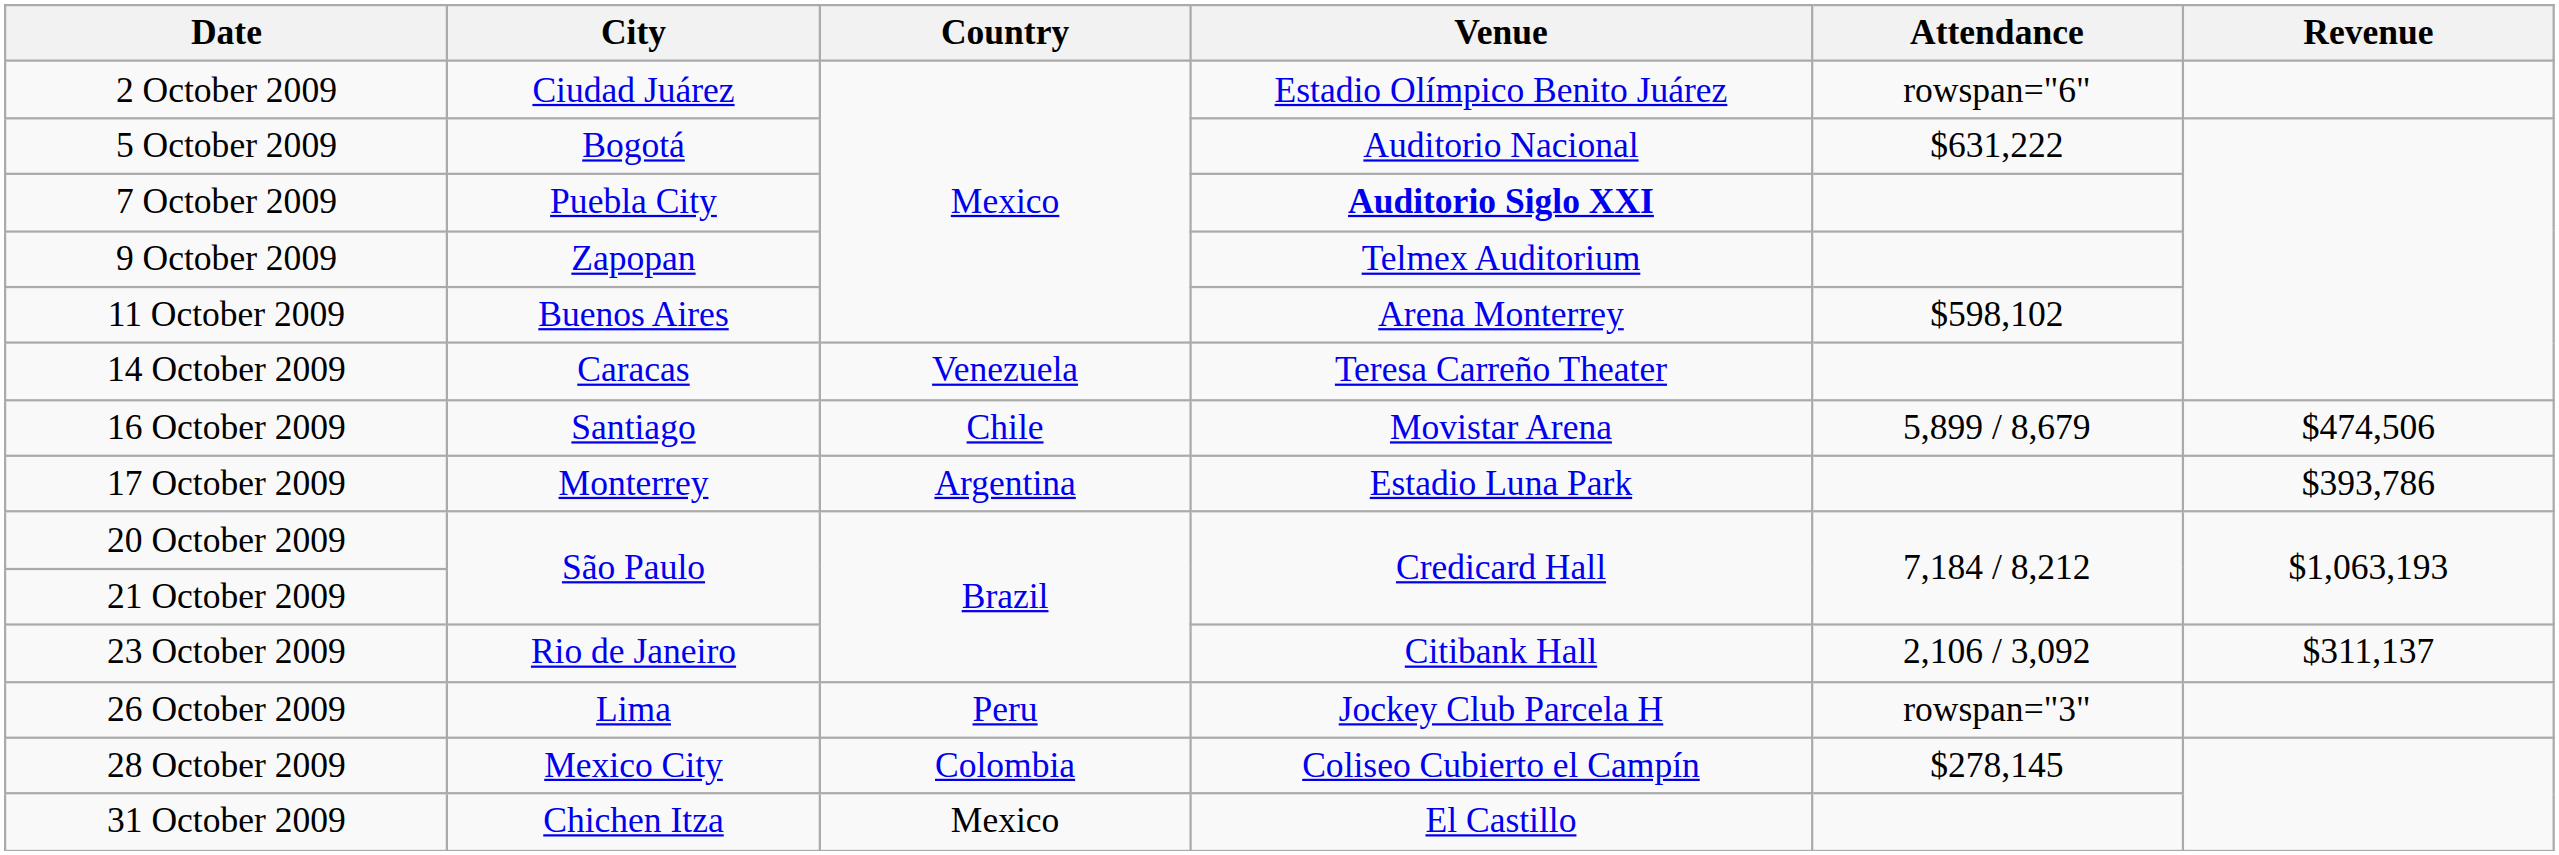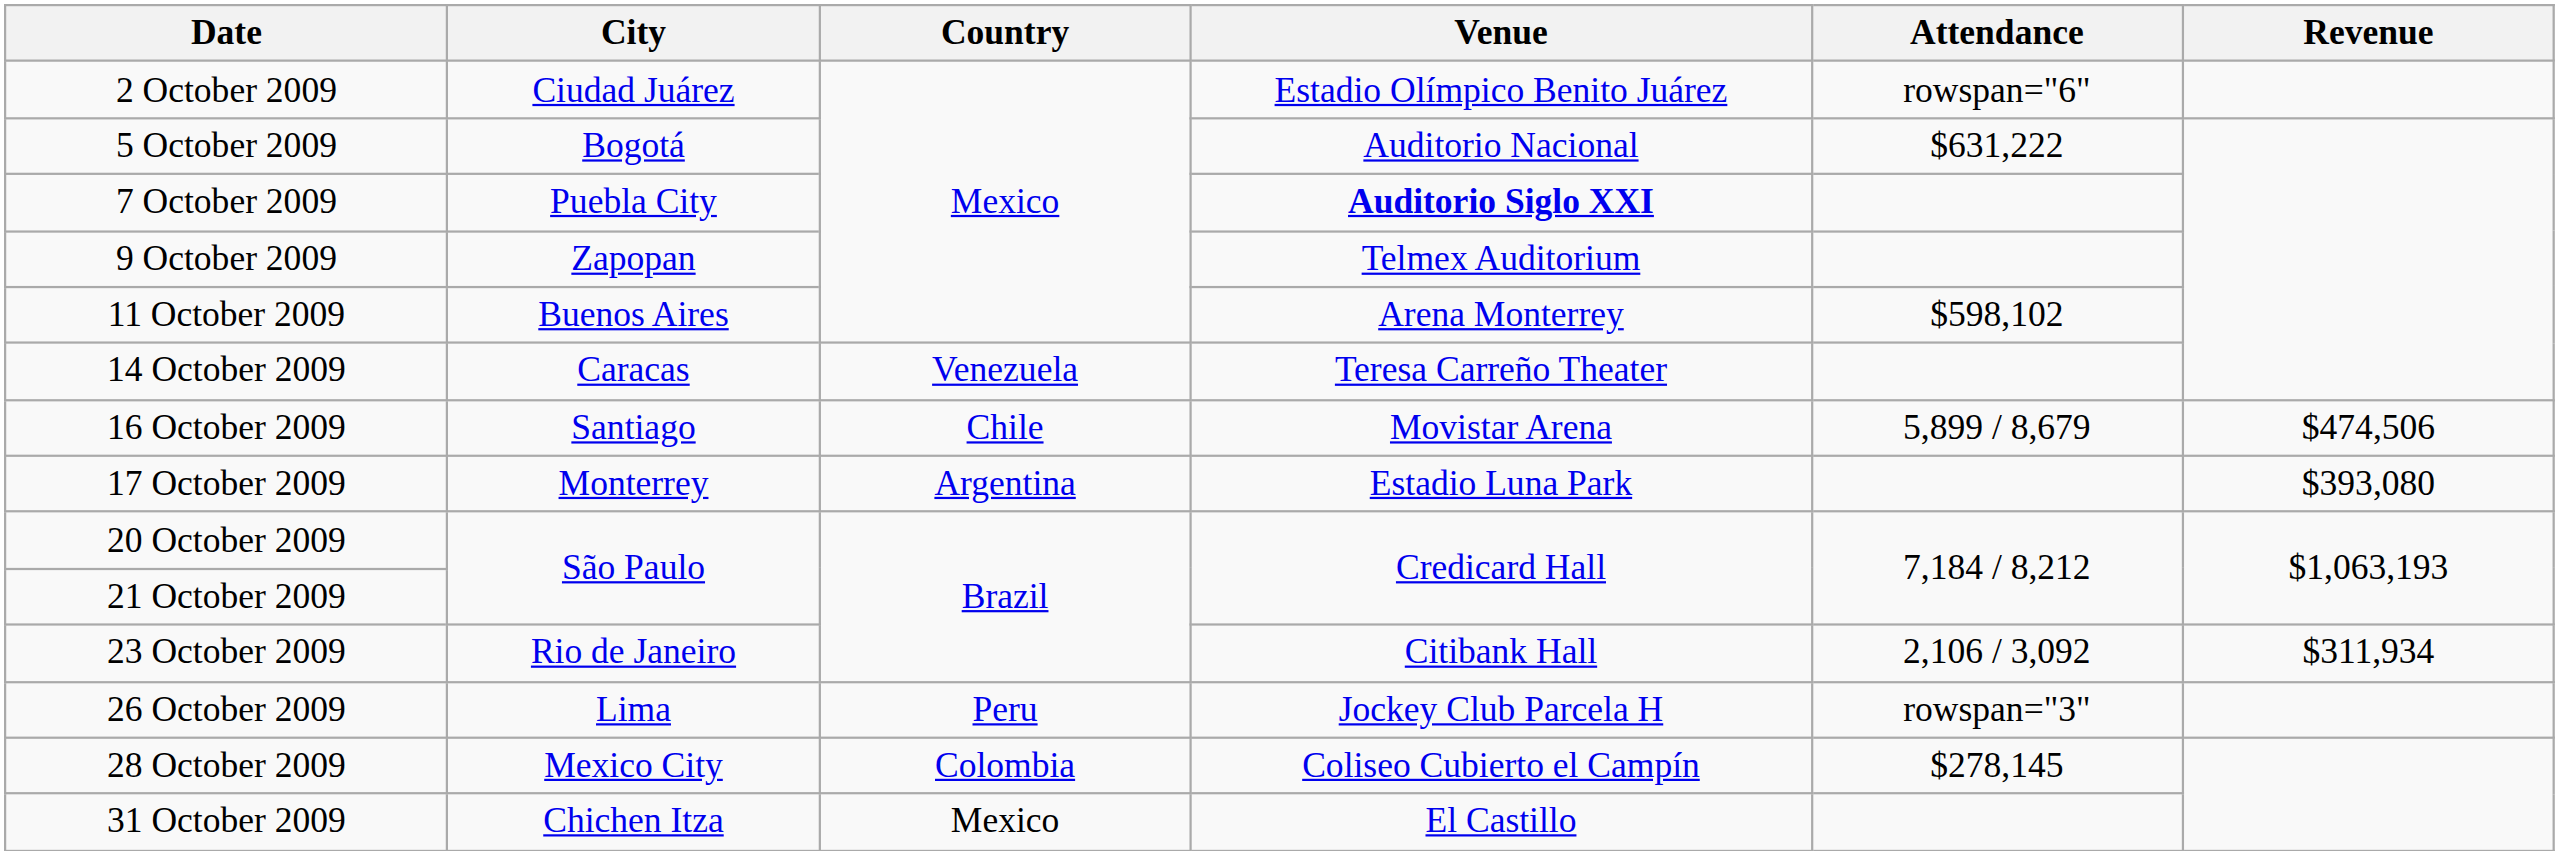 <table class="wikitable" style="text-align:center;">
 <tr>
 <th scope="col" style="width:12em;">Date</th>
 <th scope="col" style="width:10em;">City</th>
 <th scope="col" style="width:10em;">Country</th>
 <th scope="col" style="width:17em;">Venue</th>
 <th scope="col" style="width:10em;">Attendance</th>
 <th scope="col" style="width:10em;">Revenue</th>
 </tr>
 <tr>
 <td>2 October 2009</td>
 <td><a href='#'>Ciudad Juárez</a></td>
 <td rowspan=5><a href='#'>Mexico</a></td>
 <td><a href='#'>Estadio Olímpico Benito Juárez</a></td>
 <td>rowspan="6" </td>
 <td></td>
 </tr>
 <tr>
 <td>5 October 2009</td>
 <td><a href='#'>Bogotá</a></td>
 <td><a href='#'>Auditorio Nacional</a></td>
 <td>$631,222</td>
 </tr>
 <tr>
 <td>7 October 2009</td>
 <td><a href='#'>Puebla City</a></td>
 <td><strong><a href='#'>Auditorio Siglo XXI</a></strong></td>
 <td></td>
 </tr>
 <tr>
 <td>9 October 2009</td>
 <td><a href='#'>Zapopan</a></td>
 <td><a href='#'>Telmex Auditorium</a></td>
 <td></td>
 </tr>
 <tr>
 <td>11 October 2009</td>
 <td><a href='#'>Buenos Aires</a></td>
 <td><a href='#'>Arena Monterrey</a></td>
 <td>$598,102</td>
 </tr>
 <tr>
 <td>14 October 2009</td>
 <td><a href='#'>Caracas</a></td>
 <td><a href='#'>Venezuela</a></td>
 <td><a href='#'>Teresa Carreño Theater</a></td>
 <td></td>
 </tr>
 <tr>
 <td>16 October 2009</td>
 <td><a href='#'>Santiago</a></td>
 <td><a href='#'>Chile</a></td>
 <td><a href='#'>Movistar Arena</a></td>
 <td>5,899 / 8,679</td>
 <td>$474,506</td>
 </tr>
 <tr>
 <td>17 October 2009</td>
 <td><a href='#'>Monterrey</a></td>
 <td><a href='#'>Argentina</a></td>
 <td><a href='#'>Estadio Luna Park</a></td>
 <td></td>
-<td>$393,786</td>
+<td>$393,080</td>
 </tr>
 <tr>
 <td>20 October 2009</td>
 <td rowspan="2"><a href='#'>São Paulo</a></td>
 <td rowspan="3"><a href='#'>Brazil</a></td>
 <td rowspan="2"><a href='#'>Credicard Hall</a></td>
 <td rowspan="2">7,184 / 8,212</td>
 <td rowspan="2">$1,063,193</td>
 </tr>
 <tr>
 <td>21 October 2009</td>
 </tr>
 <tr>
 <td>23 October 2009</td>
 <td><a href='#'>Rio de Janeiro</a></td>
 <td><a href='#'>Citibank Hall</a></td>
 <td>2,106 / 3,092</td>
-<td>$311,137</td>
+<td>$311,934</td>
 </tr>
 <tr>
 <td>26 October 2009</td>
 <td><a href='#'>Lima</a></td>
 <td><a href='#'>Peru</a></td>
 <td><a href='#'>Jockey Club Parcela H</a></td>
 <td>rowspan="3" </td>
 <td></td>
 </tr>
 <tr>
 <td>28 October 2009</td>
 <td><a href='#'>Mexico City</a></td>
 <td><a href='#'>Colombia</a></td>
 <td><a href='#'>Coliseo Cubierto el Campín</a></td>
 <td>$278,145</td>
 </tr>
 <tr>
 <td>31 October 2009</td>
 <td><a href='#'>Chichen Itza</a></td>
 <td>Mexico</td>
 <td><a href='#'>El Castillo</a></td>
 <td></td>
 </tr>
 </table>
